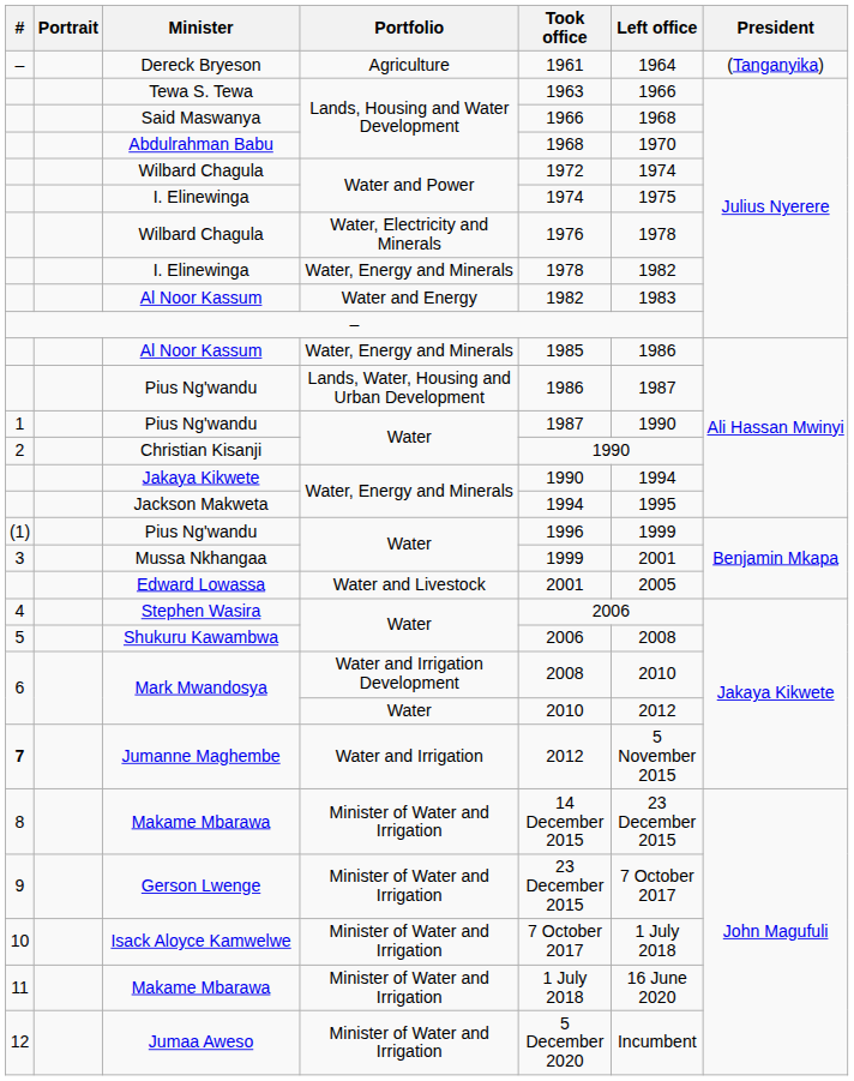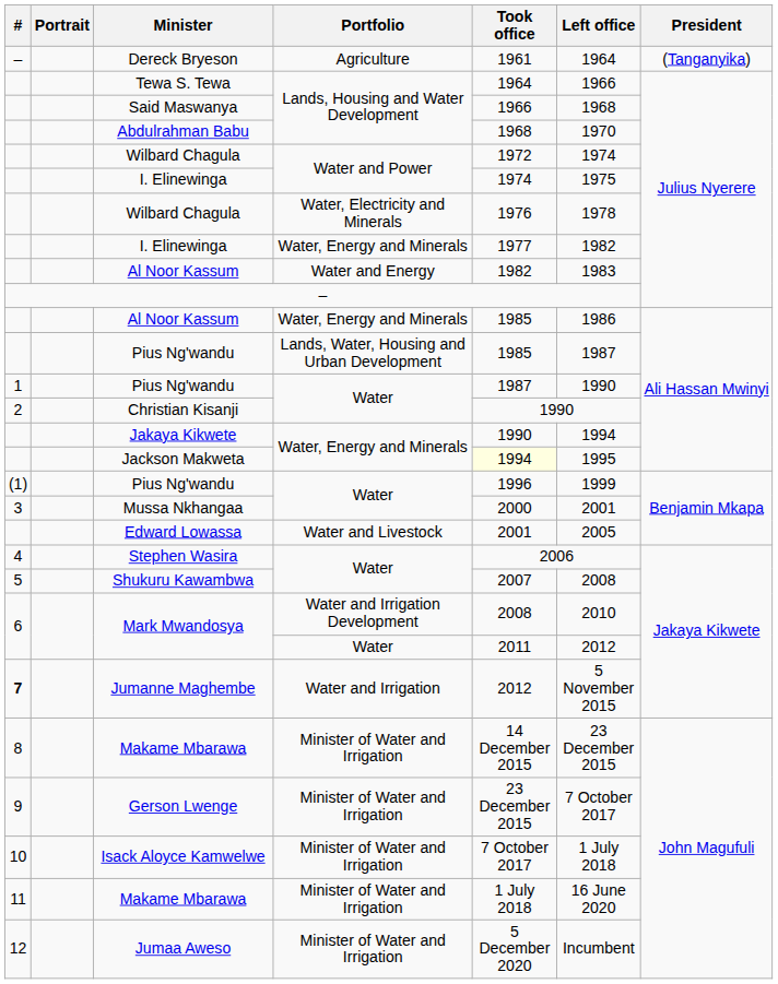 <table class="wikitable" style="text-align:center">
 <tr>
 <th width="20px">#</th>
 <th>Portrait</th>
 <th width="180px">Minister</th>
 <th width="200px">Portfolio</th>
 <th width="80px">Took office</th>
 <th width="80px">Left office</th>
 <th>President</th>
 </tr>
 <tr>
 <td style="background:">–</td>
 <td></td>
 <td>Dereck Bryeson</td>
 <td>Agriculture</td>
 <td>1961</td>
 <td>1964</td>
 <td>(<a href='#'>Tanganyika</a>)</td>
 </tr>
 <tr>
 <td style="background:"></td>
 <td></td>
 <td>Tewa S. Tewa</td>
 <td rowspan="3">Lands, Housing and Water Development</td>
-<td>1963</td>
+<td>1964</td>
 <td>1966</td>
 <td rowspan="9"><a href='#'>Julius Nyerere</a></td>
 </tr>
 <tr>
 <td style="background:"></td>
 <td></td>
 <td>Said Maswanya</td>
 <td>1966</td>
 <td>1968</td>
 </tr>
 <tr>
 <td style="background:"></td>
 <td></td>
 <td><a href='#'>Abdulrahman Babu</a></td>
 <td>1968</td>
 <td>1970</td>
 </tr>
 <tr>
 <td style="background:"></td>
 <td></td>
 <td>Wilbard Chagula</td>
 <td rowspan="2">Water and Power</td>
 <td>1972</td>
 <td>1974</td>
 </tr>
 <tr>
 <td style="background:"></td>
 <td></td>
 <td>I. Elinewinga</td>
 <td>1974</td>
 <td>1975</td>
 </tr>
 <tr>
 <td style="background:"></td>
 <td></td>
 <td>Wilbard Chagula</td>
 <td>Water, Electricity and Minerals</td>
 <td>1976</td>
 <td>1978</td>
 </tr>
 <tr>
 <td style="background:"></td>
 <td></td>
 <td>I. Elinewinga</td>
 <td>Water, Energy and Minerals</td>
-<td>1978</td>
+<td>1977</td>
 <td>1982</td>
 </tr>
 <tr>
 <td style="background:"></td>
 <td></td>
 <td><a href='#'>Al Noor Kassum</a></td>
 <td>Water and  Energy</td>
 <td>1982</td>
 <td>1983</td>
 </tr>
 <tr>
 <td colspan="6">–</td>
 </tr>
 <tr>
 <td style="background:"></td>
 <td></td>
 <td><a href='#'>Al Noor Kassum</a></td>
 <td>Water, Energy and Minerals</td>
 <td>1985</td>
 <td>1986</td>
 <td rowspan="6"><a href='#'>Ali Hassan Mwinyi</a></td>
 </tr>
 <tr>
 <td style="background:"></td>
 <td></td>
 <td>Pius Ng'wandu</td>
 <td>Lands, Water, Housing and Urban Development</td>
-<td>1986</td>
+<td>1985</td>
 <td>1987</td>
 </tr>
 <tr>
 <td style="background:">1</td>
 <td></td>
 <td>Pius Ng'wandu</td>
 <td rowspan="2">Water</td>
 <td>1987</td>
 <td>1990</td>
 </tr>
 <tr>
 <td style="background:">2</td>
 <td></td>
 <td>Christian Kisanji</td>
 <td colspan="2">1990</td>
 </tr>
 <tr>
 <td style="background:"></td>
 <td></td>
 <td><a href='#'>Jakaya Kikwete</a></td>
 <td rowspan="2">Water, Energy and Minerals</td>
 <td>1990</td>
 <td>1994</td>
 </tr>
 <tr>
 <td style="background:"></td>
 <td></td>
 <td>Jackson Makweta</td>
-<td>1994</td>
+<td style="background: lightyellow;">1994</td>
 <td>1995</td>
 </tr>
 <tr>
 <td style="background:">(1)</td>
 <td></td>
 <td>Pius Ng'wandu</td>
 <td rowspan="2">Water</td>
 <td>1996</td>
 <td>1999</td>
 <td rowspan="3"><a href='#'>Benjamin Mkapa</a></td>
 </tr>
 <tr>
 <td style="background:">3</td>
 <td></td>
 <td>Mussa Nkhangaa</td>
-<td>1999</td>
+<td>2000</td>
 <td>2001</td>
 </tr>
 <tr>
 <td style="background:"></td>
 <td></td>
 <td><a href='#'>Edward Lowassa</a></td>
 <td>Water and Livestock</td>
 <td>2001</td>
 <td>2005</td>
 </tr>
 <tr>
 <td style="background:">4</td>
 <td></td>
 <td><a href='#'>Stephen Wasira</a></td>
 <td rowspan="2">Water</td>
 <td colspan="2">2006</td>
 <td rowspan="5"><a href='#'>Jakaya Kikwete</a></td>
 </tr>
 <tr>
 <td style="background:">5</td>
 <td></td>
 <td><a href='#'>Shukuru Kawambwa</a></td>
-<td>2006</td>
+<td>2007</td>
 <td>2008</td>
 </tr>
 <tr>
 <td rowspan="2" style="background:">6</td>
 <td rowspan="2"></td>
 <td rowspan="2"><a href='#'>Mark Mwandosya</a></td>
 <td>Water and Irrigation Development</td>
 <td>2008</td>
 <td>2010</td>
 </tr>
 <tr>
 <td>Water</td>
-<td>2010</td>
+<td>2011</td>
 <td>2012</td>
 </tr>
 <tr>
 <td style="background:"><strong>7</strong></td>
 <td></td>
 <td><a href='#'>Jumanne Maghembe</a></td>
 <td>Water and Irrigation</td>
 <td>2012</td>
 <td>5 November 2015</td>
 </tr>
 <tr>
 <td style="background:">8</td>
 <td></td>
 <td><a href='#'>Makame Mbarawa</a></td>
 <td>Minister of Water and Irrigation</td>
 <td>14 December 2015</td>
 <td>23 December 2015</td>
 <td rowspan="5"><a href='#'>John Magufuli</a></td>
 </tr>
 <tr>
 <td style="background:">9</td>
 <td></td>
 <td><a href='#'>Gerson Lwenge</a></td>
 <td>Minister of Water and Irrigation</td>
 <td>23 December 2015</td>
 <td>7 October 2017</td>
 </tr>
 <tr>
 <td style="background:">10</td>
 <td></td>
 <td><a href='#'>Isack Aloyce Kamwelwe</a></td>
 <td>Minister of Water and Irrigation</td>
 <td>7 October 2017</td>
 <td>1 July 2018</td>
 </tr>
 <tr>
 <td style="background:">11</td>
 <td></td>
 <td><a href='#'>Makame Mbarawa</a></td>
 <td>Minister of Water and Irrigation</td>
 <td>1 July 2018</td>
 <td>16 June 2020</td>
 </tr>
 <tr>
 <td style="background:">12</td>
 <td></td>
 <td><a href='#'>Jumaa Aweso</a></td>
 <td>Minister of Water and Irrigation</td>
 <td>5 December 2020</td>
 <td>Incumbent</td>
 </tr>
 </table>
